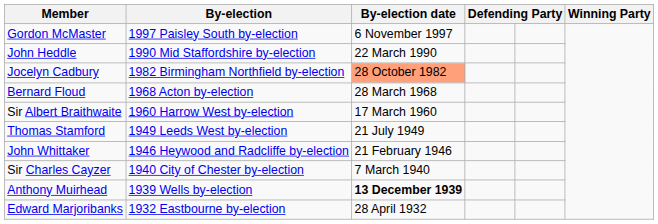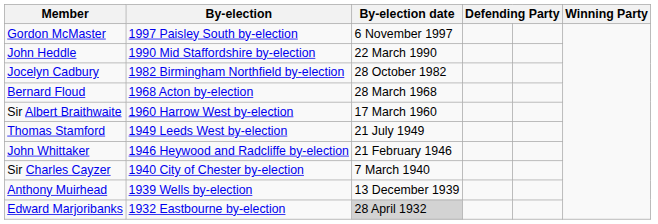 <table class="wikitable">
 <tr>
 <th>Member</th>
 <th>By-election</th>
 <th>By-election date</th>
 <th colspan=2>Defending Party</th>
 <th colspan=2>Winning Party</th>
 </tr>
 <tr>
 <td><a href='#'>Gordon McMaster</a></td>
 <td><a href='#'>1997 Paisley South by-election</a></td>
 <td>6 November 1997</td>
 <td></td>
 <td></td>
 </tr>
 <tr>
 <td><a href='#'>John Heddle</a></td>
 <td><a href='#'>1990 Mid Staffordshire by-election</a></td>
 <td>22 March 1990</td>
 <td></td>
 <td></td>
 </tr>
 <tr>
 <td><a href='#'>Jocelyn Cadbury</a></td>
 <td><a href='#'>1982 Birmingham Northfield by-election</a></td>
-<td style="background: lightsalmon;">28 October 1982</td>
+<td>28 October 1982</td>
 <td></td>
 <td></td>
 </tr>
 <tr>
 <td><a href='#'>Bernard Floud</a></td>
 <td><a href='#'>1968 Acton by-election</a></td>
 <td>28 March 1968</td>
 <td></td>
 <td></td>
 </tr>
 <tr>
 <td>Sir <a href='#'>Albert Braithwaite</a></td>
 <td><a href='#'>1960 Harrow West by-election</a></td>
 <td>17 March 1960</td>
 <td></td>
 <td></td>
 </tr>
 <tr>
 <td><a href='#'>Thomas Stamford</a></td>
 <td><a href='#'>1949 Leeds West by-election</a></td>
 <td>21 July 1949</td>
 <td></td>
 <td></td>
 </tr>
 <tr>
 <td><a href='#'>John Whittaker</a></td>
 <td><a href='#'>1946 Heywood and Radcliffe by-election</a></td>
 <td>21 February 1946</td>
 <td></td>
 <td></td>
 </tr>
 <tr>
 <td>Sir <a href='#'>Charles Cayzer</a></td>
 <td><a href='#'>1940 City of Chester by-election</a></td>
 <td>7 March 1940</td>
 <td></td>
 <td></td>
 </tr>
 <tr>
 <td><a href='#'>Anthony Muirhead</a></td>
 <td><a href='#'>1939 Wells by-election</a></td>
-<td><strong>13 December 1939</strong></td>
+<td>13 December 1939</td>
 <td></td>
 <td></td>
 </tr>
 <tr>
 <td><a href='#'>Edward Marjoribanks</a></td>
 <td><a href='#'>1932 Eastbourne by-election</a></td>
-<td>28 April 1932</td>
+<td style="background: lightgrey;">28 April 1932</td>
 <td></td>
 <td></td>
 </tr>
 </table>
